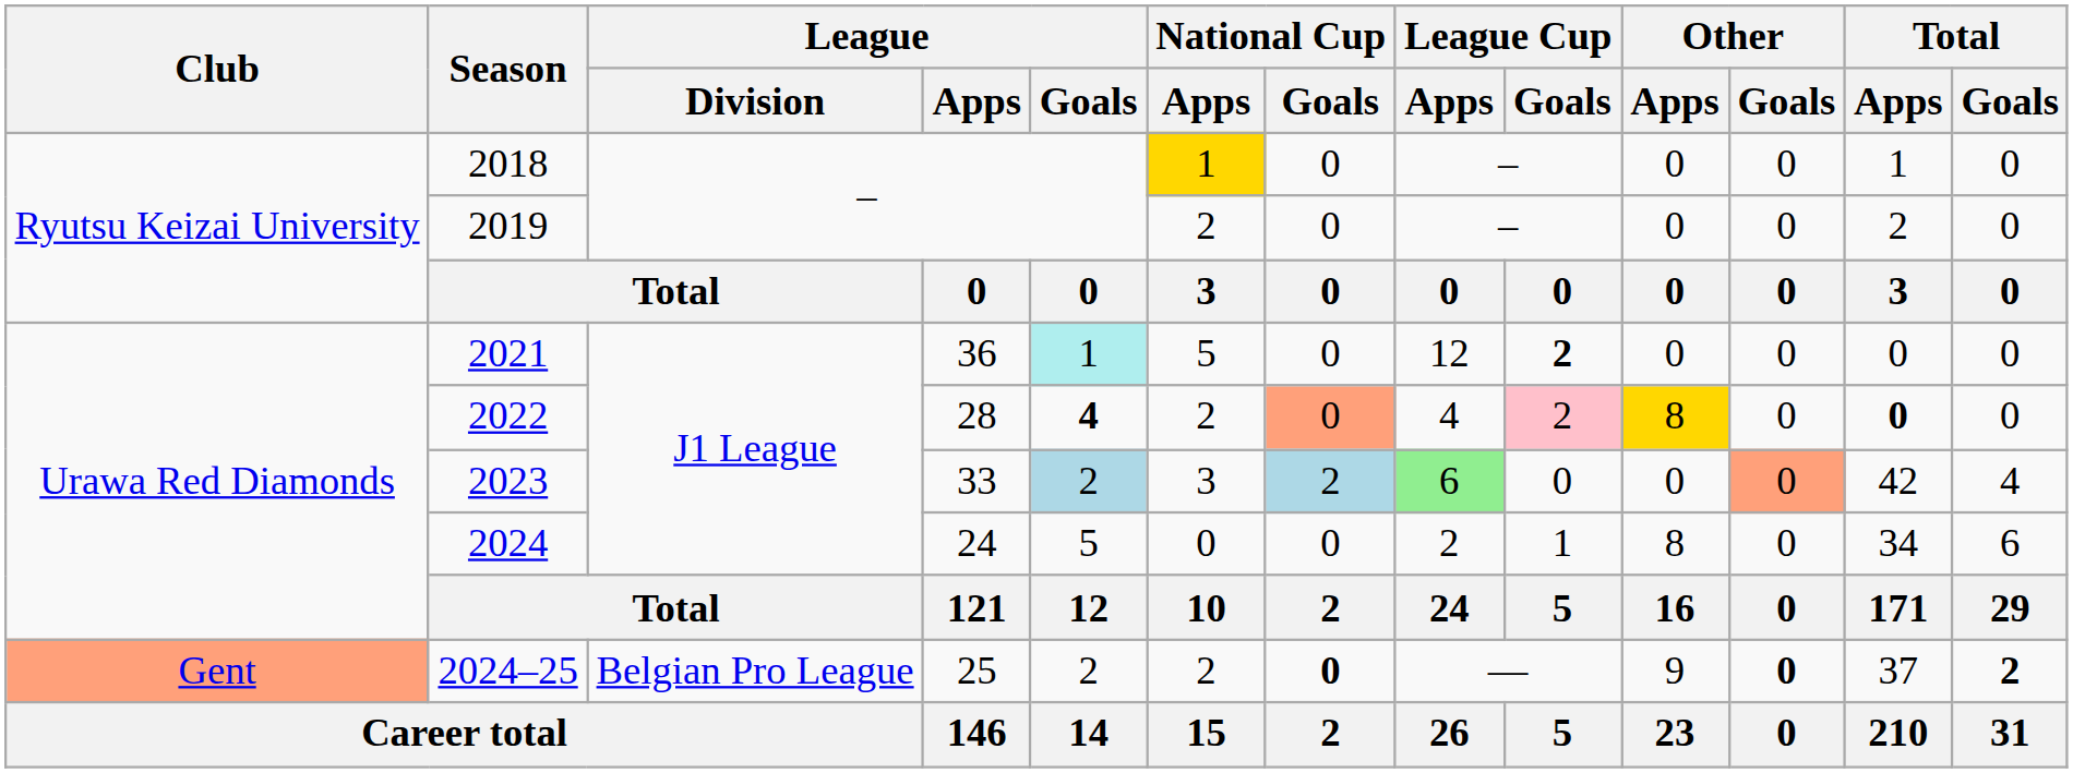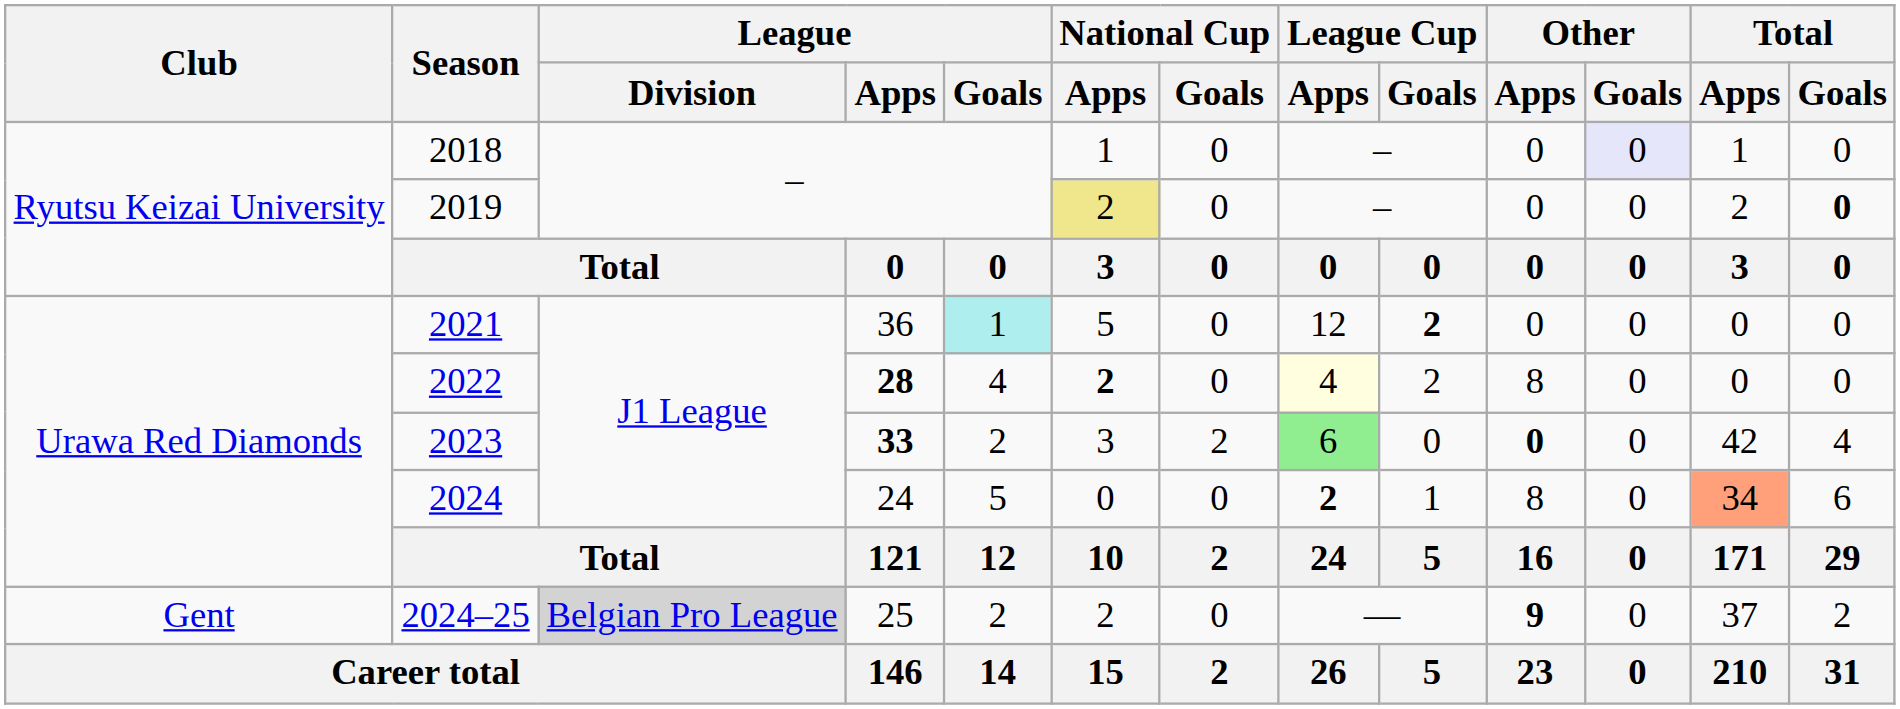 <table class="wikitable" style="text-align: center">
 <tr>
 <th rowspan="2">Club</th>
 <th rowspan="2">Season</th>
 <th colspan="3">League</th>
 <th colspan="2">National Cup</th>
 <th colspan="2">League Cup</th>
 <th colspan="2">Other</th>
 <th colspan="2">Total</th>
 </tr>
 <tr>
 <th>Division</th>
 <th>Apps</th>
 <th>Goals</th>
 <th>Apps</th>
 <th>Goals</th>
 <th>Apps</th>
 <th>Goals</th>
 <th>Apps</th>
 <th>Goals</th>
 <th>Apps</th>
 <th>Goals</th>
 </tr>
 <tr>
 <td rowspan="3"><a href='#'>Ryutsu Keizai University</a></td>
 <td>2018</td>
 <td colspan="3" rowspan="2">–</td>
-<td style="background: gold;">1</td>
+<td>1</td>
 <td>0</td>
 <td colspan="2">–</td>
 <td>0</td>
-<td>0</td>
+<td style="background: lavender;">0</td>
 <td>1</td>
 <td>0</td>
 </tr>
 <tr>
 <td>2019</td>
-<td>2</td>
+<td style="background: khaki;">2</td>
 <td>0</td>
 <td colspan="2">–</td>
 <td>0</td>
 <td>0</td>
 <td>2</td>
-<td>0</td>
+<td><strong>0</strong></td>
 </tr>
 <tr>
 <th colspan=2>Total</th>
 <th>0</th>
 <th>0</th>
 <th>3</th>
 <th>0</th>
 <th>0</th>
 <th>0</th>
 <th>0</th>
 <th>0</th>
 <th>3</th>
 <th>0</th>
 </tr>
 <tr>
 <td rowspan="5"><a href='#'>Urawa Red Diamonds</a></td>
 <td><a href='#'>2021</a></td>
 <td rowspan="4"><a href='#'>J1 League</a></td>
 <td>36</td>
 <td style="background: paleturquoise;">1</td>
 <td>5</td>
 <td>0</td>
 <td>12</td>
 <td><strong>2</strong></td>
 <td>0</td>
 <td>0</td>
 <td>0</td>
 <td>0</td>
 </tr>
 <tr>
 <td><a href='#'>2022</a></td>
-<td>28</td>
-<td><strong>4</strong></td>
+<td><strong>28</strong></td>
+<td>4</td>
+<td><strong>2</strong></td>
+<td>0</td>
+<td style="background: lightyellow;">4</td>
 <td>2</td>
-<td style="background: lightsalmon;">0</td>
-<td>4</td>
-<td style="background: pink;">2</td>
-<td style="background: gold;">8</td>
+<td>8</td>
 <td>0</td>
-<td><strong>0</strong></td>
+<td>0</td>
 <td>0</td>
 </tr>
 <tr>
 <td><a href='#'>2023</a></td>
-<td>33</td>
-<td style="background: lightblue;">2</td>
+<td><strong>33</strong></td>
+<td>2</td>
 <td>3</td>
-<td style="background: lightblue;">2</td>
+<td>2</td>
 <td style="background: lightgreen;">6</td>
 <td>0</td>
+<td><strong>0</strong></td>
 <td>0</td>
-<td style="background: lightsalmon;">0</td>
 <td>42</td>
 <td>4</td>
 </tr>
 <tr>
 <td><a href='#'>2024</a></td>
 <td>24</td>
 <td>5</td>
 <td>0</td>
 <td>0</td>
-<td>2</td>
+<td><strong>2</strong></td>
 <td>1</td>
 <td>8</td>
 <td>0</td>
-<td>34</td>
+<td style="background: lightsalmon;">34</td>
 <td>6</td>
 </tr>
 <tr>
 <th colspan=2>Total</th>
 <th>121</th>
 <th>12</th>
 <th>10</th>
 <th>2</th>
 <th>24</th>
 <th>5</th>
 <th>16</th>
 <th>0</th>
 <th>171</th>
 <th>29</th>
 </tr>
 <tr>
-<td style="background: lightsalmon;"><a href='#'>Gent</a></td>
+<td><a href='#'>Gent</a></td>
 <td><a href='#'>2024–25</a></td>
-<td><a href='#'>Belgian Pro League</a></td>
+<td style="background: lightgrey;"><a href='#'>Belgian Pro League</a></td>
 <td>25</td>
 <td>2</td>
 <td>2</td>
-<td><strong>0</strong></td>
+<td>0</td>
 <td colspan="2">—</td>
-<td>9</td>
-<td><strong>0</strong></td>
+<td><strong>9</strong></td>
+<td>0</td>
 <td>37</td>
-<td><strong>2</strong></td>
+<td>2</td>
 </tr>
 <tr>
 <th colspan=3>Career total</th>
 <th>146</th>
 <th>14</th>
 <th>15</th>
 <th>2</th>
 <th>26</th>
 <th>5</th>
 <th>23</th>
 <th>0</th>
 <th>210</th>
 <th>31</th>
 </tr>
 </table>
